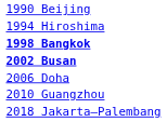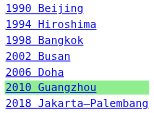 <table>
 <tr>
 <td><a href='#'>1990 Beijing</a></td>
 <td></td>
 <td></td>
 <td></td>
 </tr>
 <tr>
 <td><a href='#'>1994 Hiroshima</a></td>
 <td></td>
 <td></td>
 <td></td>
 </tr>
 <tr>
-<td><strong><a href='#'>1998 Bangkok</a></strong></td>
+<td><a href='#'>1998 Bangkok</a></td>
 <td></td>
 <td></td>
 <td></td>
 </tr>
 <tr>
-<td><strong><a href='#'>2002 Busan</a></strong></td>
+<td><a href='#'>2002 Busan</a></td>
 <td></td>
 <td></td>
 <td></td>
 </tr>
 <tr>
 <td><a href='#'>2006 Doha</a></td>
 <td></td>
 <td></td>
 <td></td>
 </tr>
 <tr>
-<td><a href='#'>2010 Guangzhou</a></td>
+<td style="background: lightgreen;"><a href='#'>2010 Guangzhou</a></td>
 <td></td>
 <td></td>
 <td></td>
 </tr>
 <tr>
 <td><a href='#'>2018 Jakarta–Palembang</a></td>
 <td></td>
 <td></td>
 <td></td>
 </tr>
 </table>
